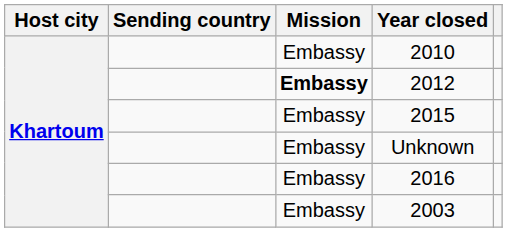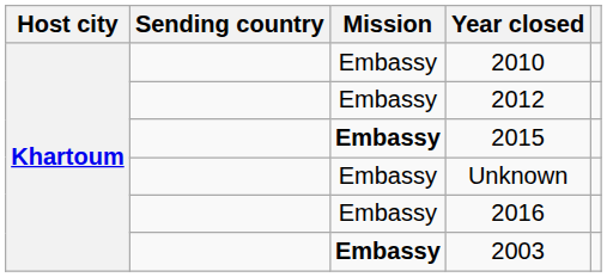 <table class="wikitable plainrowheaders">
 <tr>
 <th scope="col">Host city</th>
 <th scope="col">Sending country</th>
 <th scope="col">Mission</th>
 <th scope="col">Year closed</th>
 <th scope="col"></th>
 </tr>
 <tr>
 <th rowspan="6"><a href='#'>Khartoum</a></th>
 <td></td>
 <td style="text-align:center;">Embassy</td>
 <td style="text-align:center;">2010</td>
 <td style="text-align:center;"></td>
 </tr>
 <tr>
 <td></td>
-<td style="text-align:center;"><strong>Embassy</strong></td>
+<td style="text-align:center;">Embassy</td>
 <td style="text-align:center;">2012</td>
 <td style="text-align:center;"></td>
 </tr>
 <tr>
 <td></td>
-<td style="text-align:center;">Embassy</td>
+<td style="text-align:center;"><strong>Embassy</strong></td>
 <td style="text-align:center;">2015</td>
 <td style="text-align:center;"></td>
 </tr>
 <tr>
 <td></td>
 <td style="text-align:center;">Embassy</td>
 <td style="text-align:center;">Unknown</td>
 <td style="text-align:center;"></td>
 </tr>
 <tr>
 <td></td>
 <td style="text-align:center;">Embassy</td>
 <td style="text-align:center;">2016</td>
 <td style="text-align:center;"></td>
 </tr>
 <tr>
 <td></td>
-<td style="text-align:center;">Embassy</td>
+<td style="text-align:center;"><strong>Embassy</strong></td>
 <td style="text-align:center;">2003</td>
 <td style="text-align:center;"></td>
 </tr>
 </table>
